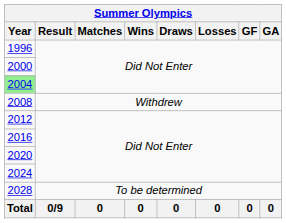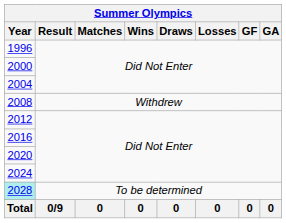 <table class="wikitable" style="text-align: center;">
 <tr>
 <th colspan=10><a href='#'>Summer Olympics</a></th>
 </tr>
 <tr>
 <th>Year</th>
 <th>Result</th>
 <th>Matches</th>
 <th>Wins</th>
 <th>Draws</th>
 <th>Losses</th>
 <th>GF</th>
 <th>GA</th>
 </tr>
 <tr>
 <td> <a href='#'>1996</a></td>
 <td rowspan=3 colspan=8><em>Did Not Enter</em></td>
 </tr>
 <tr>
 <td> <a href='#'>2000</a></td>
 </tr>
 <tr>
-<td style="background: lightgreen;"> <a href='#'>2004</a></td>
+<td> <a href='#'>2004</a></td>
 </tr>
 <tr>
 <td> <a href='#'>2008</a></td>
 <td colspan=8><em>Withdrew</em></td>
 </tr>
 <tr>
 <td> <a href='#'>2012</a></td>
 <td rowspan=4 colspan=8><em>Did Not Enter</em></td>
 </tr>
 <tr>
 <td> <a href='#'>2016</a></td>
 </tr>
 <tr>
 <td> <a href='#'>2020</a></td>
 </tr>
 <tr>
 <td> <a href='#'>2024</a></td>
 </tr>
 <tr>
-<td> <a href='#'>2028</a></td>
+<td style="background: paleturquoise;"> <a href='#'>2028</a></td>
 <td colspan=8><em>To be determined</em></td>
 </tr>
 <tr>
 <th>Total</th>
 <th>0/9</th>
 <th>0</th>
 <th>0</th>
 <th>0</th>
 <th>0</th>
 <th>0</th>
 <th>0</th>
 </tr>
 </table>
